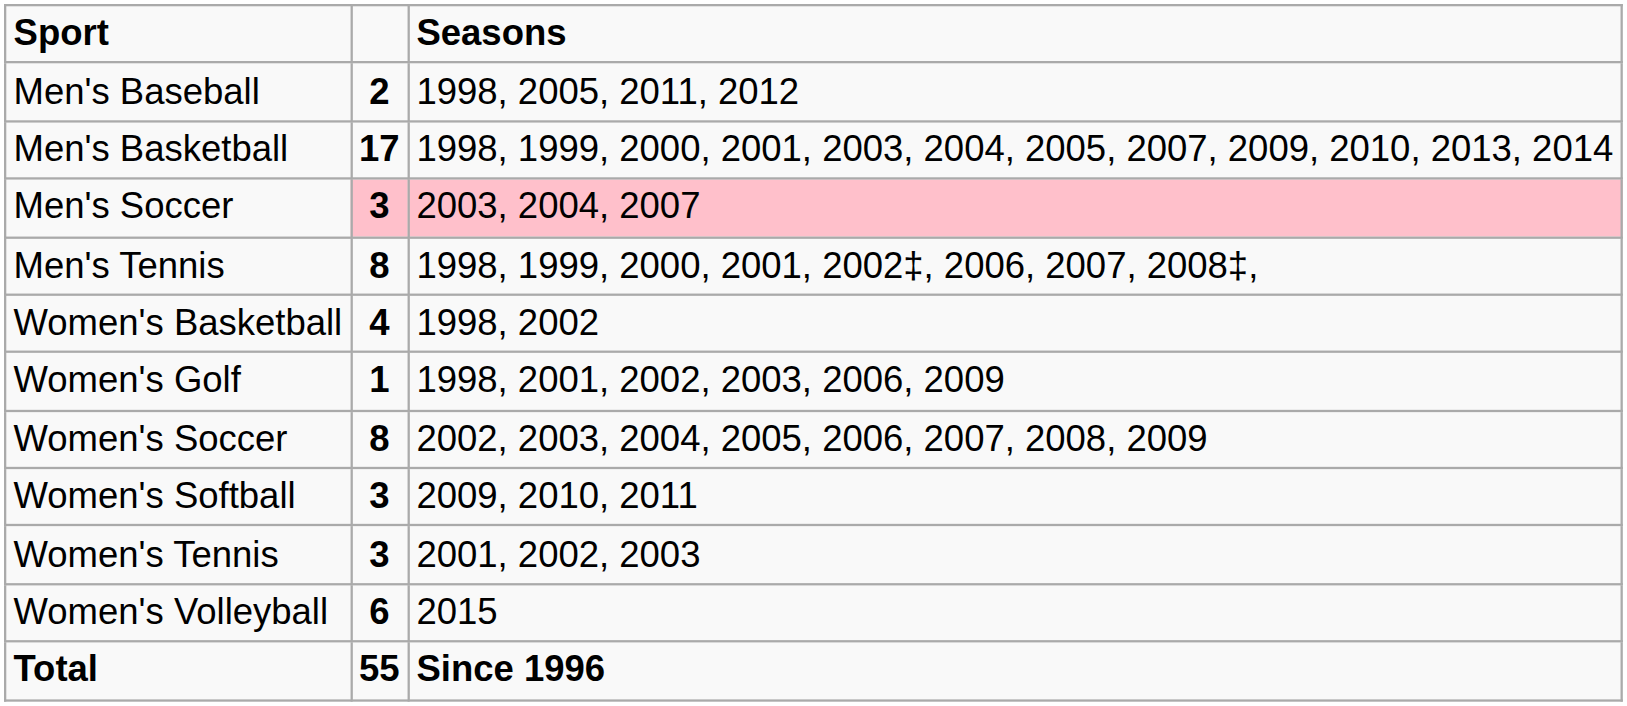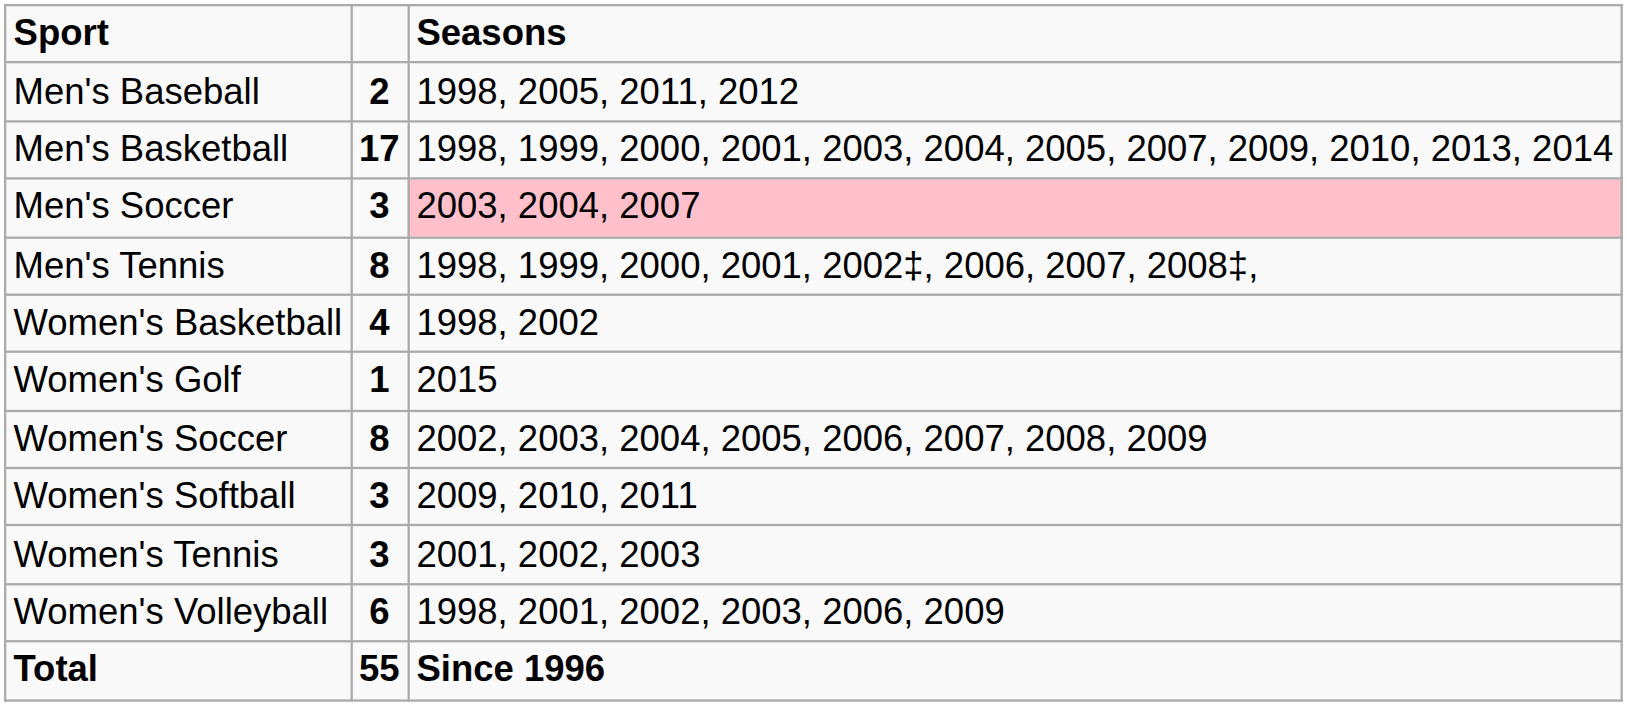 <table class="wikitable">
 <tr>
 <td><strong>Sport</strong></td>
 <td><strong></strong></td>
 <td><strong>Seasons</strong></td>
 </tr>
 <tr>
 <td>Men's Baseball</td>
 <td style="text-align:center;"><strong>2</strong></td>
 <td>1998, 2005, 2011, 2012</td>
 </tr>
 <tr>
 <td>Men's Basketball</td>
 <td style="text-align:center;"><strong>17</strong></td>
 <td>1998, 1999, 2000, 2001, 2003, 2004, 2005, 2007, 2009, 2010, 2013, 2014</td>
 </tr>
 <tr>
 <td>Men's Soccer</td>
-<td style="background: pink; text-align:center;"><strong>3</strong></td>
+<td style="text-align:center;"><strong>3</strong></td>
 <td style="background: pink;">2003, 2004, 2007</td>
 </tr>
 <tr>
 <td>Men's Tennis</td>
 <td style="text-align:center;"><strong>8</strong></td>
 <td>1998, 1999, 2000, 2001, 2002‡, 2006, 2007, 2008‡,</td>
 </tr>
 <tr>
 <td>Women's Basketball</td>
 <td style="text-align:center;"><strong>4</strong></td>
 <td>1998, 2002</td>
 </tr>
 <tr>
 <td>Women's Golf</td>
 <td style="text-align:center;"><strong>1</strong></td>
-<td>1998, 2001, 2002, 2003, 2006, 2009</td>
+<td>2015</td>
 </tr>
 <tr>
 <td>Women's Soccer</td>
 <td style="text-align:center;"><strong>8</strong></td>
 <td>2002, 2003, 2004, 2005, 2006, 2007, 2008, 2009</td>
 </tr>
 <tr>
 <td>Women's Softball</td>
 <td style="text-align:center;"><strong>3</strong></td>
 <td>2009, 2010, 2011</td>
 </tr>
 <tr>
 <td>Women's Tennis</td>
 <td style="text-align:center;"><strong>3</strong></td>
 <td>2001, 2002, 2003</td>
 </tr>
 <tr>
 <td>Women's Volleyball</td>
 <td style="text-align:center;"><strong>6</strong></td>
-<td>2015</td>
+<td>1998, 2001, 2002, 2003, 2006, 2009</td>
 </tr>
 <tr>
 <td><strong>Total</strong></td>
 <td><strong>55</strong></td>
 <td><strong>Since 1996</strong></td>
 </tr>
 </table>
